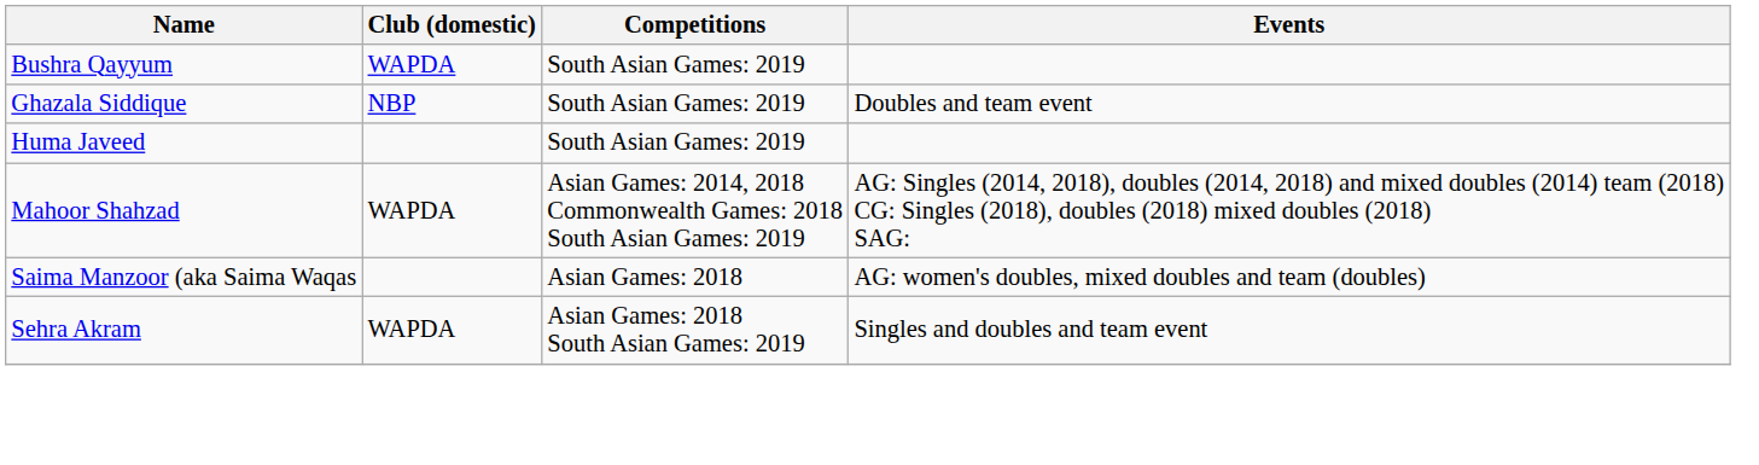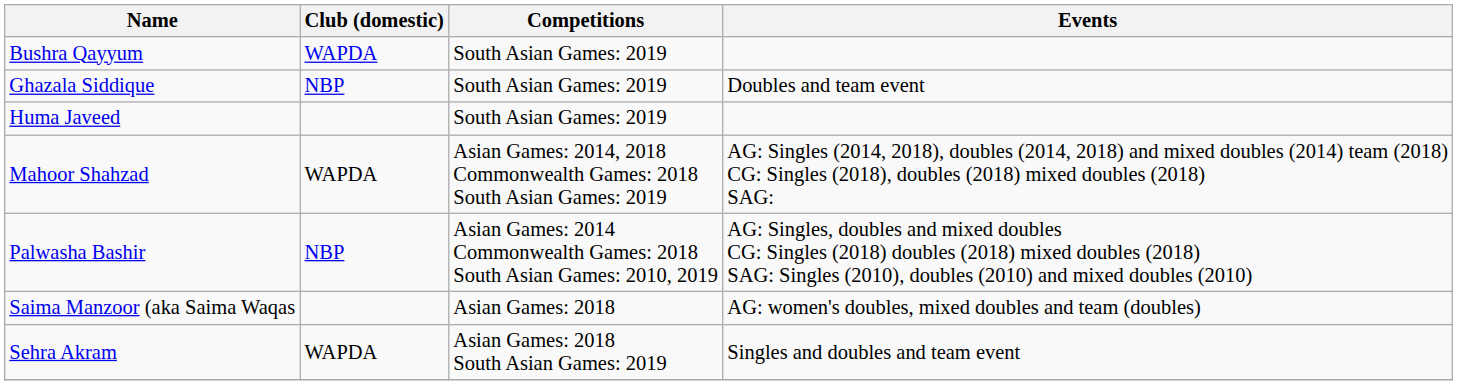 <table class="wikitable sortable">
 <tr>
 <th>Name</th>
 <th>Club (domestic)</th>
 <th>Competitions</th>
 <th>Events</th>
 </tr>
 <tr>
 <td><a href='#'>Bushra Qayyum</a></td>
 <td><a href='#'>WAPDA</a></td>
 <td>South Asian Games: 2019</td>
 <td></td>
 </tr>
 <tr>
 <td><a href='#'>Ghazala Siddique</a></td>
 <td><a href='#'>NBP</a></td>
 <td>South Asian Games: 2019</td>
 <td>Doubles and team event</td>
 </tr>
 <tr>
 <td><a href='#'>Huma Javeed</a></td>
 <td></td>
 <td>South Asian Games: 2019</td>
 <td></td>
 </tr>
 <tr>
 <td><a href='#'>Mahoor Shahzad </a></td>
 <td>WAPDA</td>
 <td>Asian Games: 2014, 2018 <br> Commonwealth Games: 2018 <br>South Asian Games: 2019</td>
 <td>AG: Singles (2014, 2018), doubles (2014, 2018) and mixed doubles (2014) team (2018)<br>CG: Singles (2018), doubles (2018) mixed doubles (2018)<br>SAG:</td>
 </tr>
 <tr>
+<td><a href='#'>Palwasha Bashir</a></td>
+<td><a href='#'>NBP</a></td>
+<td>Asian Games: 2014<br>Commonwealth Games: 2018 <br> South Asian Games: 2010, 2019</td>
+<td>AG: Singles, doubles and mixed doubles <br>CG: Singles (2018) doubles (2018) mixed doubles (2018)<br>SAG: Singles (2010), doubles (2010) and mixed doubles (2010)</td>
+</tr>
+<tr>
 <td><a href='#'>Saima Manzoor</a> (aka Saima Waqas</td>
 <td></td>
 <td>Asian Games: 2018</td>
 <td>AG: women's doubles,  mixed doubles and team (doubles)</td>
 </tr>
 <tr>
 <td><a href='#'>Sehra Akram</a></td>
 <td>WAPDA</td>
 <td>Asian Games: 2018<br>South Asian Games: 2019</td>
 <td>Singles and doubles and team event <br></td>
 </tr>
 <tr>
 </tr>
 </table>
